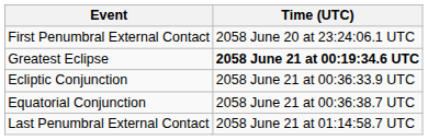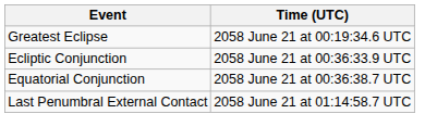 <table class="wikitable">
 <tr>
 <th>Event</th>
 <th>Time (UTC)</th>
 </tr>
 <tr>
-<td>First Penumbral External Contact</td>
-<td>2058 June 20 at 23:24:06.1 UTC</td>
-</tr>
-<tr>
 <td>Greatest Eclipse</td>
-<td><strong>2058 June 21 at 00:19:34.6 UTC</strong></td>
+<td>2058 June 21 at 00:19:34.6 UTC</td>
 </tr>
 <tr>
 <td>Ecliptic Conjunction</td>
 <td>2058 June 21 at 00:36:33.9 UTC</td>
 </tr>
 <tr>
 <td>Equatorial Conjunction</td>
 <td>2058 June 21 at 00:36:38.7 UTC</td>
 </tr>
 <tr>
 <td>Last Penumbral External Contact</td>
 <td>2058 June 21 at 01:14:58.7 UTC</td>
 </tr>
 </table>
